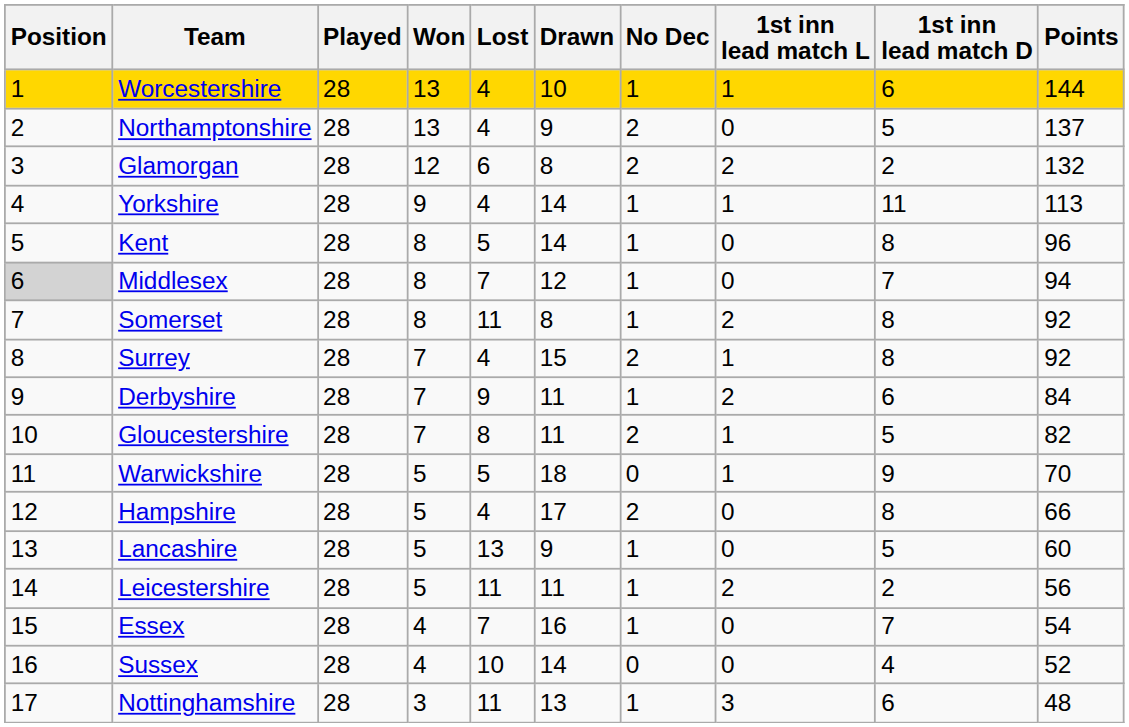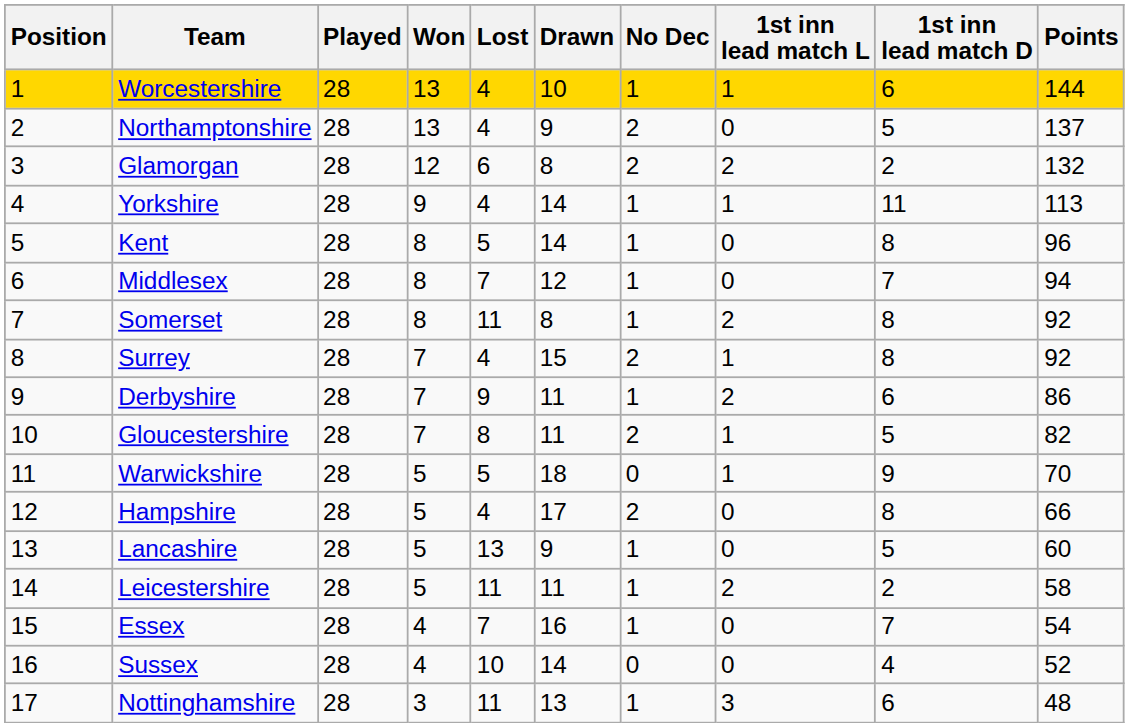 <table class="wikitable" style="font-size:85%;">
 <tr>
 <th>Position</th>
 <th>Team</th>
 <th>Played</th>
 <th>Won</th>
 <th>Lost</th>
 <th>Drawn</th>
 <th>No Dec</th>
 <th>1st inn<br>lead match L</th>
 <th>1st inn<br>lead match D</th>
 <th>Points</th>
 </tr>
 <tr>
 <td bgcolor="gold">1</td>
 <td bgcolor="gold"><a href='#'>Worcestershire</a></td>
 <td bgcolor="gold">28</td>
 <td bgcolor="gold">13</td>
 <td bgcolor="gold">4</td>
 <td bgcolor="gold">10</td>
 <td bgcolor="gold">1</td>
 <td bgcolor="gold">1</td>
 <td bgcolor="gold">6</td>
 <td bgcolor="gold">144</td>
 </tr>
 <tr>
 <td>2</td>
 <td><a href='#'>Northamptonshire</a></td>
 <td>28</td>
 <td>13</td>
 <td>4</td>
 <td>9</td>
 <td>2</td>
 <td>0</td>
 <td>5</td>
 <td>137</td>
 </tr>
 <tr>
 <td>3</td>
 <td><a href='#'>Glamorgan</a></td>
 <td>28</td>
 <td>12</td>
 <td>6</td>
 <td>8</td>
 <td>2</td>
 <td>2</td>
 <td>2</td>
 <td>132</td>
 </tr>
 <tr>
 <td>4</td>
 <td><a href='#'>Yorkshire</a></td>
 <td>28</td>
 <td>9</td>
 <td>4</td>
 <td>14</td>
 <td>1</td>
 <td>1</td>
 <td>11</td>
 <td>113</td>
 </tr>
 <tr>
 <td>5</td>
 <td><a href='#'>Kent</a></td>
 <td>28</td>
 <td>8</td>
 <td>5</td>
 <td>14</td>
 <td>1</td>
 <td>0</td>
 <td>8</td>
 <td>96</td>
 </tr>
 <tr>
-<td style="background: lightgrey;">6</td>
+<td>6</td>
 <td><a href='#'>Middlesex</a></td>
 <td>28</td>
 <td>8</td>
 <td>7</td>
 <td>12</td>
 <td>1</td>
 <td>0</td>
 <td>7</td>
 <td>94</td>
 </tr>
 <tr>
 <td>7</td>
 <td><a href='#'>Somerset</a></td>
 <td>28</td>
 <td>8</td>
 <td>11</td>
 <td>8</td>
 <td>1</td>
 <td>2</td>
 <td>8</td>
 <td>92</td>
 </tr>
 <tr>
 <td>8</td>
 <td><a href='#'>Surrey</a></td>
 <td>28</td>
 <td>7</td>
 <td>4</td>
 <td>15</td>
 <td>2</td>
 <td>1</td>
 <td>8</td>
 <td>92</td>
 </tr>
 <tr>
 <td>9</td>
 <td><a href='#'>Derbyshire</a></td>
 <td>28</td>
 <td>7</td>
 <td>9</td>
 <td>11</td>
 <td>1</td>
 <td>2</td>
 <td>6</td>
-<td>84</td>
+<td>86</td>
 </tr>
 <tr>
 <td>10</td>
 <td><a href='#'>Gloucestershire</a></td>
 <td>28</td>
 <td>7</td>
 <td>8</td>
 <td>11</td>
 <td>2</td>
 <td>1</td>
 <td>5</td>
 <td>82</td>
 </tr>
 <tr>
 <td>11</td>
 <td><a href='#'>Warwickshire</a></td>
 <td>28</td>
 <td>5</td>
 <td>5</td>
 <td>18</td>
 <td>0</td>
 <td>1</td>
 <td>9</td>
 <td>70</td>
 </tr>
 <tr>
 <td>12</td>
 <td><a href='#'>Hampshire</a></td>
 <td>28</td>
 <td>5</td>
 <td>4</td>
 <td>17</td>
 <td>2</td>
 <td>0</td>
 <td>8</td>
 <td>66</td>
 </tr>
 <tr>
 <td>13</td>
 <td><a href='#'>Lancashire</a></td>
 <td>28</td>
 <td>5</td>
 <td>13</td>
 <td>9</td>
 <td>1</td>
 <td>0</td>
 <td>5</td>
 <td>60</td>
 </tr>
 <tr>
 <td>14</td>
 <td><a href='#'>Leicestershire</a></td>
 <td>28</td>
 <td>5</td>
 <td>11</td>
 <td>11</td>
 <td>1</td>
 <td>2</td>
 <td>2</td>
-<td>56</td>
+<td>58</td>
 </tr>
 <tr>
 <td>15</td>
 <td><a href='#'>Essex</a></td>
 <td>28</td>
 <td>4</td>
 <td>7</td>
 <td>16</td>
 <td>1</td>
 <td>0</td>
 <td>7</td>
 <td>54</td>
 </tr>
 <tr>
 <td>16</td>
 <td><a href='#'>Sussex</a></td>
 <td>28</td>
 <td>4</td>
 <td>10</td>
 <td>14</td>
 <td>0</td>
 <td>0</td>
 <td>4</td>
 <td>52</td>
 </tr>
 <tr>
 <td>17</td>
 <td><a href='#'>Nottinghamshire</a></td>
 <td>28</td>
 <td>3</td>
 <td>11</td>
 <td>13</td>
 <td>1</td>
 <td>3</td>
 <td>6</td>
 <td>48</td>
 </tr>
 </table>
